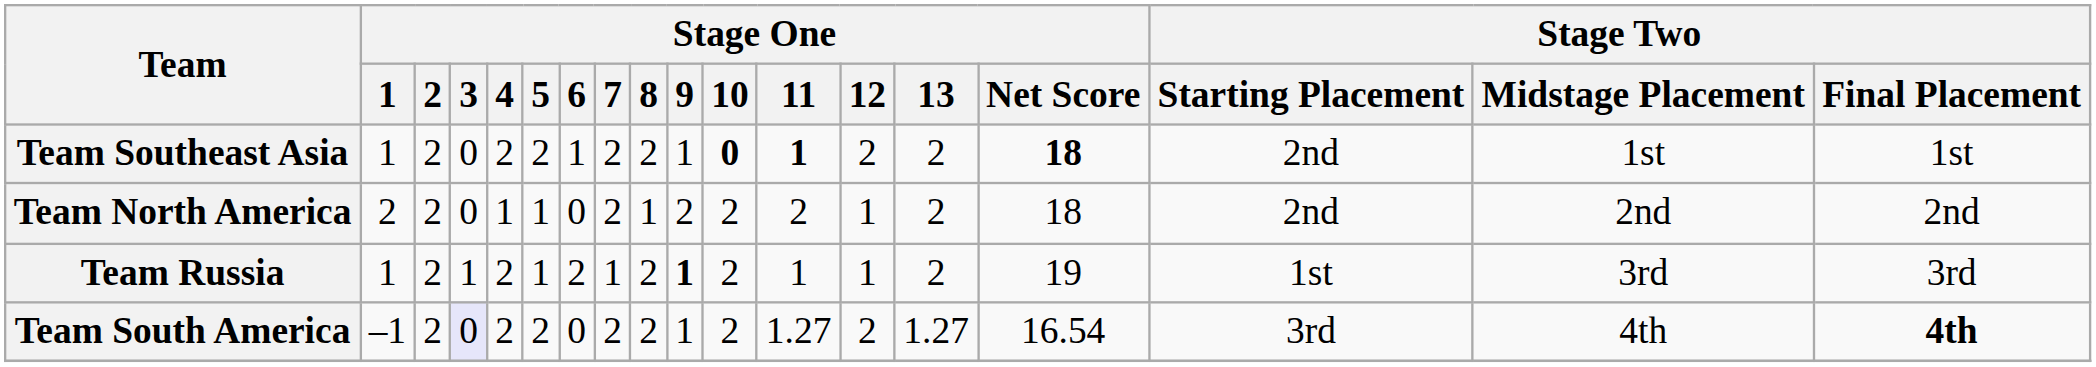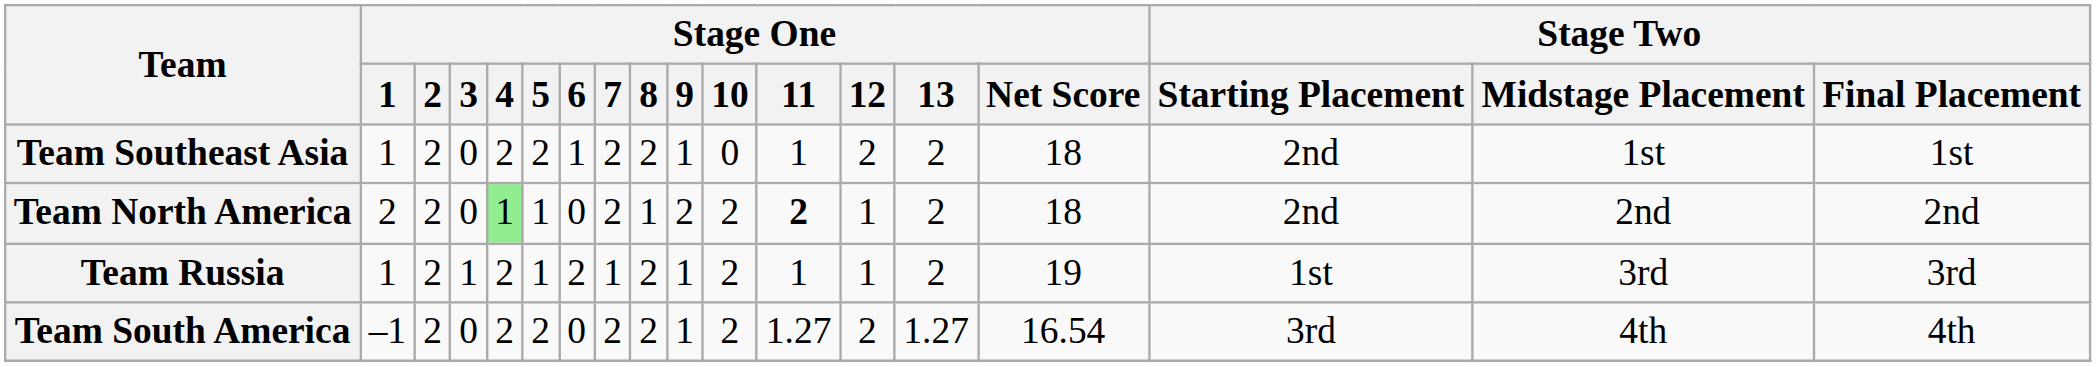 <table class=wikitable style="text-align:center">
 <tr>
 <th rowspan=2>Team</th>
 <th colspan=14>Stage One</th>
 <th colspan=3>Stage Two</th>
 </tr>
 <tr>
 <th>1</th>
 <th>2</th>
 <th>3</th>
 <th>4</th>
 <th>5</th>
 <th>6</th>
 <th>7</th>
 <th>8</th>
 <th>9</th>
 <th>10</th>
 <th>11</th>
 <th>12</th>
 <th>13</th>
 <th>Net Score</th>
 <th>Starting Placement</th>
 <th>Midstage Placement</th>
 <th>Final Placement</th>
 </tr>
 <tr>
 <th>Team Southeast Asia</th>
 <td>1</td>
 <td>2</td>
 <td>0</td>
 <td>2</td>
 <td>2</td>
 <td>1</td>
 <td>2</td>
 <td>2</td>
 <td>1</td>
-<td><strong>0</strong></td>
-<td><strong>1</strong></td>
+<td>0</td>
+<td>1</td>
 <td>2</td>
 <td>2</td>
-<td><strong>18</strong></td>
+<td>18</td>
 <td>2nd</td>
 <td>1st</td>
 <td>1st</td>
 </tr>
 <tr>
 <th>Team North America</th>
 <td>2</td>
 <td>2</td>
 <td>0</td>
-<td>1</td>
+<td style="background: lightgreen;">1</td>
 <td>1</td>
 <td>0</td>
 <td>2</td>
 <td>1</td>
 <td>2</td>
 <td>2</td>
-<td>2</td>
+<td><strong>2</strong></td>
 <td>1</td>
 <td>2</td>
 <td>18</td>
 <td>2nd</td>
 <td>2nd</td>
 <td>2nd</td>
 </tr>
 <tr>
 <th>Team Russia</th>
 <td>1</td>
 <td>2</td>
 <td>1</td>
 <td>2</td>
 <td>1</td>
 <td>2</td>
 <td>1</td>
 <td>2</td>
-<td><strong>1</strong></td>
+<td>1</td>
 <td>2</td>
 <td>1</td>
 <td>1</td>
 <td>2</td>
 <td>19</td>
 <td>1st</td>
 <td>3rd</td>
 <td>3rd</td>
 </tr>
 <tr>
 <th>Team South America</th>
 <td>–1</td>
 <td>2</td>
-<td style="background: lavender;">0</td>
+<td>0</td>
 <td>2</td>
 <td>2</td>
 <td>0</td>
 <td>2</td>
 <td>2</td>
 <td>1</td>
 <td>2</td>
 <td>1.27</td>
 <td>2</td>
 <td>1.27</td>
 <td>16.54</td>
 <td>3rd</td>
 <td>4th</td>
-<td><strong>4th</strong></td>
+<td>4th</td>
 </tr>
 <tr>
 </tr>
 </table>
